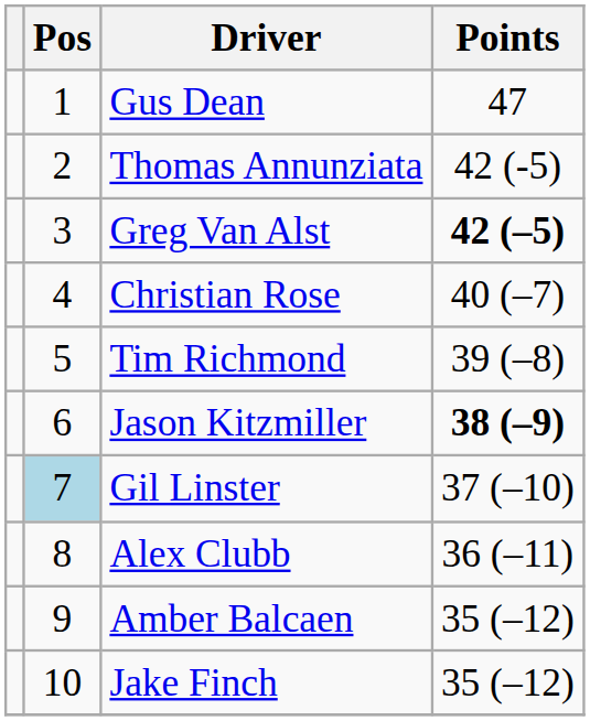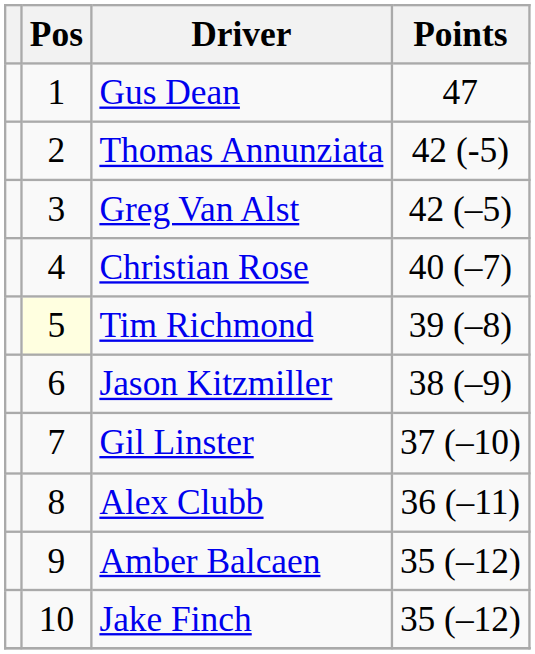 <table class="wikitable" style="font-size: 95%;">
 <tr>
 <th></th>
 <th>Pos</th>
 <th>Driver</th>
 <th>Points</th>
 </tr>
 <tr>
 <td align="left"></td>
 <td style="text-align:center;">1</td>
 <td><a href='#'>Gus Dean</a></td>
 <td style="text-align:center;">47</td>
 </tr>
 <tr>
 <td align="left"></td>
 <td style="text-align:center;">2</td>
 <td><a href='#'>Thomas Annunziata</a></td>
 <td style="text-align:center;">42 (-5)</td>
 </tr>
 <tr>
 <td align="left"></td>
 <td style="text-align:center;">3</td>
 <td><a href='#'>Greg Van Alst</a></td>
-<td style="text-align:center;"><strong>42 (–5)</strong></td>
+<td style="text-align:center;">42 (–5)</td>
 </tr>
 <tr>
 <td align="left"></td>
 <td style="text-align:center;">4</td>
 <td><a href='#'>Christian Rose</a></td>
 <td style="text-align:center;">40 (–7)</td>
 </tr>
 <tr>
 <td align="left"></td>
-<td style="text-align:center;">5</td>
+<td style="background: lightyellow; text-align:center;">5</td>
 <td><a href='#'>Tim Richmond</a></td>
 <td style="text-align:center;">39 (–8)</td>
 </tr>
 <tr>
 <td align="left"></td>
 <td style="text-align:center;">6</td>
 <td><a href='#'>Jason Kitzmiller</a></td>
-<td style="text-align:center;"><strong>38 (–9)</strong></td>
+<td style="text-align:center;">38 (–9)</td>
 </tr>
 <tr>
 <td align="left"></td>
-<td style="background: lightblue; text-align:center;">7</td>
+<td style="text-align:center;">7</td>
 <td><a href='#'>Gil Linster</a></td>
 <td style="text-align:center;">37 (–10)</td>
 </tr>
 <tr>
 <td align="left"></td>
 <td style="text-align:center;">8</td>
 <td><a href='#'>Alex Clubb</a></td>
 <td style="text-align:center;">36 (–11)</td>
 </tr>
 <tr>
 <td align="left"></td>
 <td style="text-align:center;">9</td>
 <td><a href='#'>Amber Balcaen</a></td>
 <td style="text-align:center;">35 (–12)</td>
 </tr>
 <tr>
 <td align="left"></td>
 <td style="text-align:center;">10</td>
 <td><a href='#'>Jake Finch</a></td>
 <td style="text-align:center;">35 (–12)</td>
 </tr>
 <tr class="sortbottom">
 </tr>
 </table>
